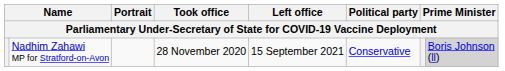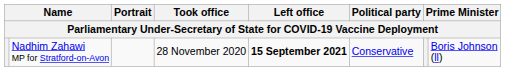 <table class="wikitable">
 <tr>
 <th colspan="2">Name</th>
 <th>Portrait</th>
 <th>Took office</th>
 <th>Left office</th>
 <th>Political party</th>
 <th colspan="2">Prime Minister</th>
 </tr>
 <tr>
 <th colspan="8">Parliamentary Under-Secretary of State for COVID-19 Vaccine Deployment</th>
 </tr>
 <tr>
 <th style="background-color: "></th>
 <td><a href='#'>Nadhim Zahawi</a> <br> <small>MP for <a href='#'>Stratford-on-Avon</a></small></td>
 <td></td>
 <td>28 November 2020</td>
-<td>15 September 2021</td>
+<td><strong>15 September 2021</strong></td>
 <td><a href='#'>Conservative</a></td>
 <th style="background-color: "></th>
-<td style="background: lightgrey;"><a href='#'>Boris Johnson</a><br>(<a href='#'>ll</a>)</td>
+<td><a href='#'>Boris Johnson</a><br>(<a href='#'>ll</a>)</td>
 </tr>
 </table>
